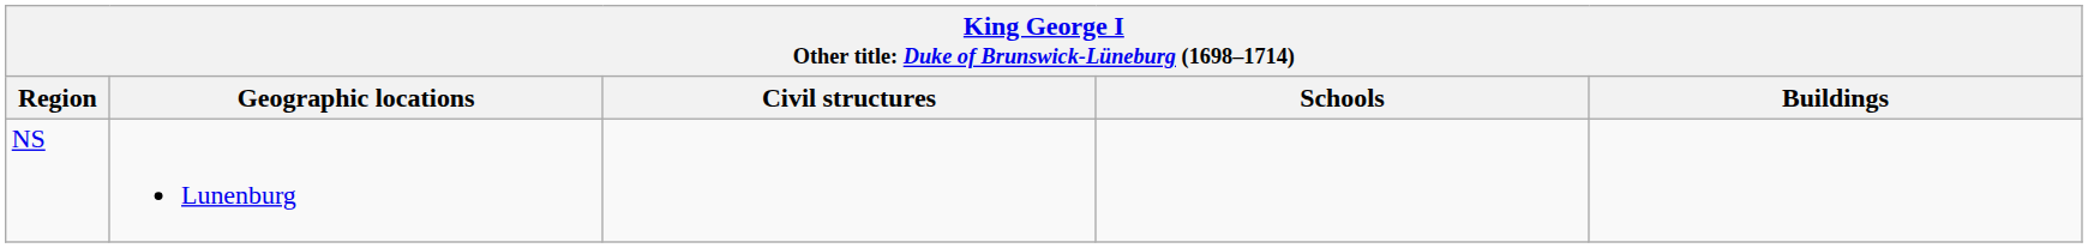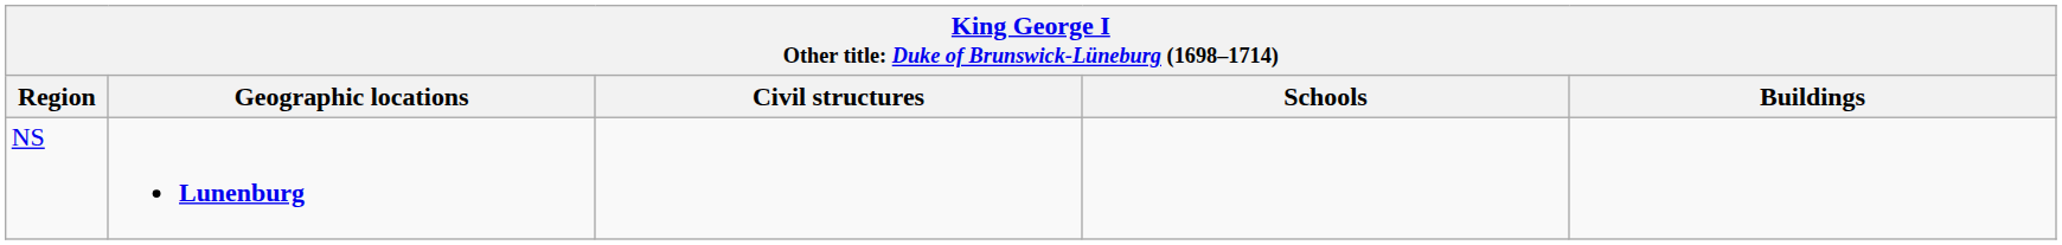 <table class="wikitable" width="100%">
 <tr>
 <th colspan="5"> <a href='#'>King George I</a><br><small>Other title: <em><a href='#'>Duke of Brunswick-Lüneburg</a></em> (1698–1714)</small></th>
 </tr>
 <tr>
 <th width="5%">Region</th>
 <th width="23.75%">Geographic locations</th>
 <th width="23.75%">Civil structures</th>
 <th width="23.75%">Schools</th>
 <th width="23.75%">Buildings</th>
 </tr>
 <tr>
 <td align=left valign=top> <a href='#'>NS</a></td>
-<td align=left valign=top><br><ul><li><a href='#'>Lunenburg</a></li></ul></td>
+<td align=left valign=top><strong><br><ul><li><a href='#'>Lunenburg</a></li></ul></strong></td>
 <td></td>
 <td></td>
 <td></td>
 </tr>
 </table>
